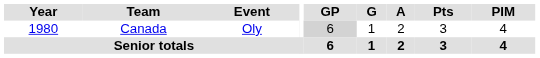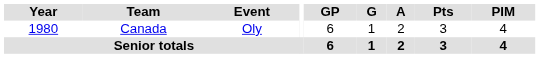 <table border="0" cellpadding="1" cellspacing="0" ID="Table3" style="text-align:center; width:40em">
 <tr bgcolor="#e0e0e0">
 <th>Year</th>
 <th>Team</th>
 <th>Event</th>
 <th rowspan="102" bgcolor="#ffffff"></th>
 <th>GP</th>
 <th>G</th>
 <th>A</th>
 <th>Pts</th>
 <th>PIM</th>
 </tr>
 <tr>
 <td><a href='#'>1980</a></td>
 <td><a href='#'>Canada</a></td>
 <td><a href='#'>Oly</a></td>
-<td style="background: lightgrey;">6</td>
+<td>6</td>
 <td>1</td>
 <td>2</td>
 <td>3</td>
 <td>4</td>
 </tr>
 <tr bgcolor="#e0e0e0">
 <th colspan="4">Senior totals</th>
 <th>6</th>
 <th>1</th>
 <th>2</th>
 <th>3</th>
 <th>4</th>
 </tr>
 </table>
